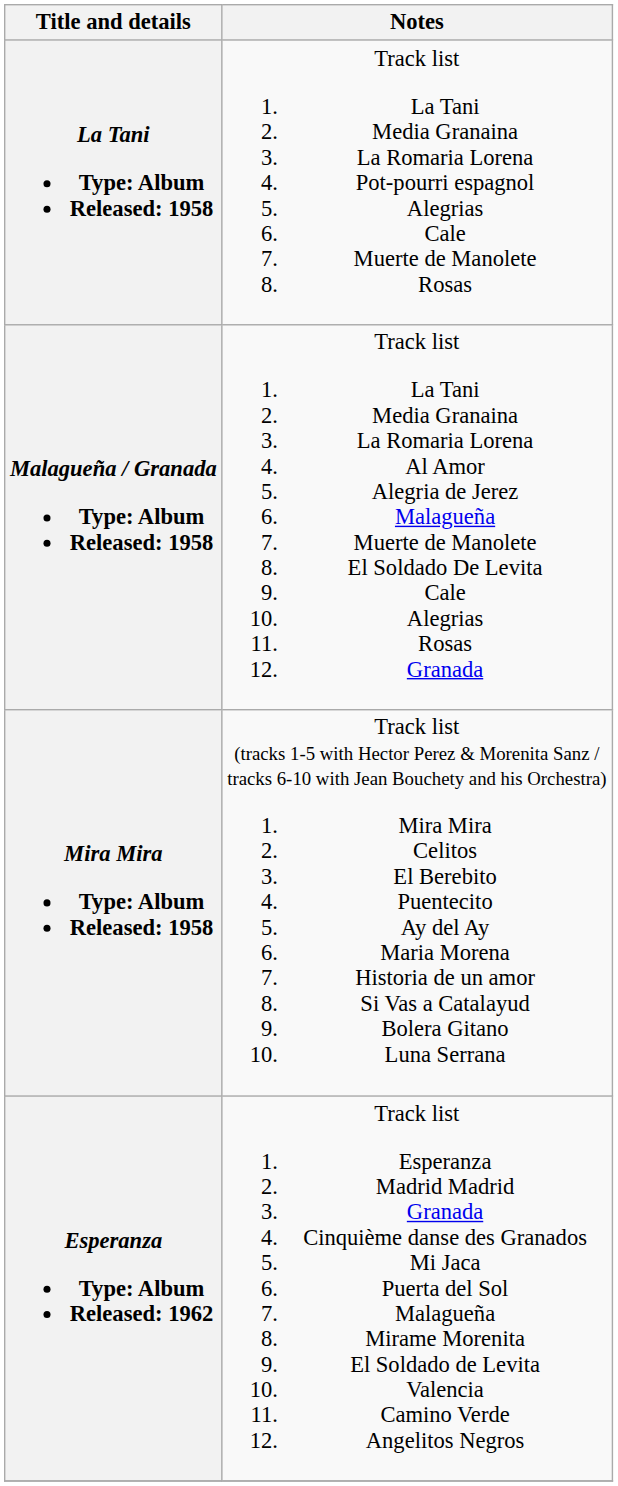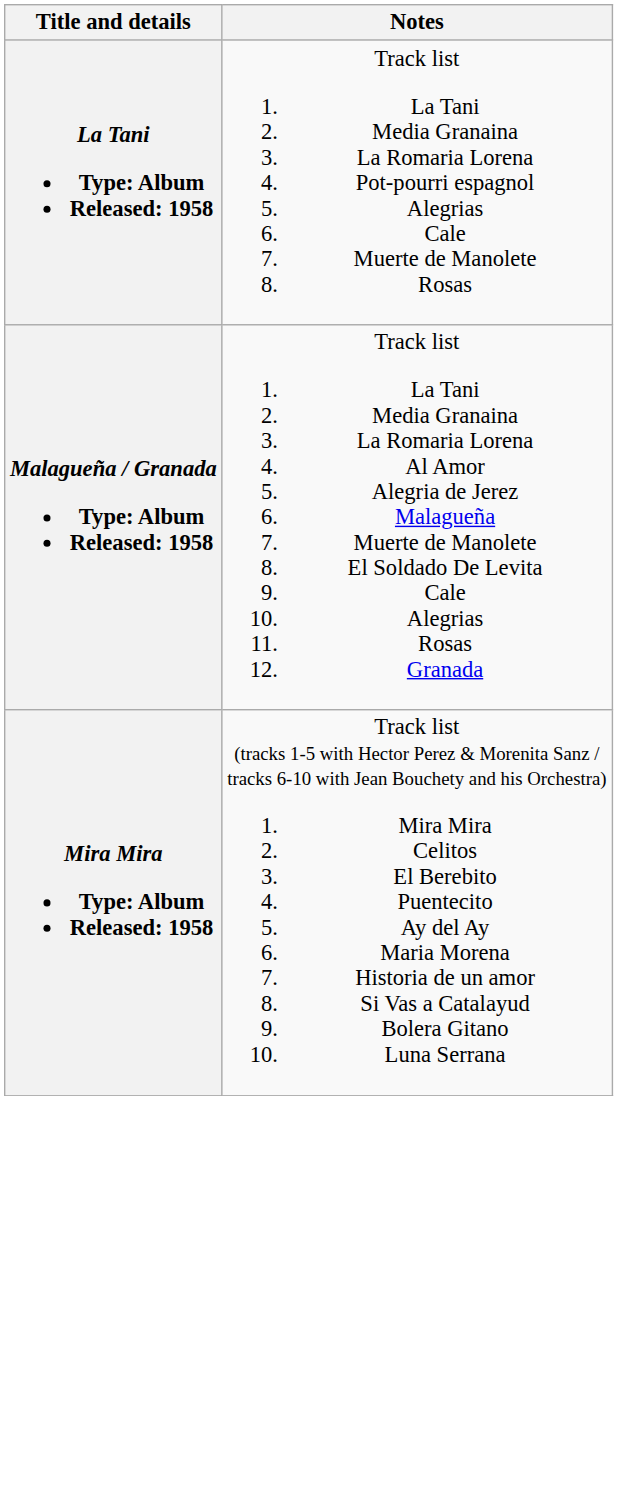 <table class="wikitable plainrowheaders" style="text-align:center;">
 <tr>
 <th scope="col">Title and details</th>
 <th scope="col">Notes</th>
 </tr>
 <tr>
 <th scope="row"><strong><em>La Tani</em></strong><br><ul><li>Type: Album</li><li>Released: 1958</li></ul></th>
 <td>Track list<br><ol><li>La Tani</li><li>Media Granaina</li><li>La Romaria Lorena</li><li>Pot-pourri espagnol</li><li>Alegrias</li><li>Cale</li><li>Muerte de Manolete</li><li>Rosas</li></ol></td>
 </tr>
 <tr>
 <th scope="row"><strong><em>Malagueña / Granada</em></strong><br><ul><li>Type: Album</li><li>Released: 1958</li></ul></th>
 <td>Track list<br><ol><li>La Tani</li><li>Media Granaina</li><li>La Romaria Lorena</li><li>Al Amor</li><li>Alegria de Jerez</li><li><a href='#'>Malagueña</a></li><li>Muerte de Manolete</li><li>El Soldado De Levita</li><li>Cale</li><li>Alegrias</li><li>Rosas</li><li><a href='#'>Granada</a></li></ol></td>
 </tr>
 <tr>
 <th scope="row"><strong><em>Mira Mira</em></strong><br><ul><li>Type: Album</li><li>Released: 1958</li></ul></th>
 <td>Track list<br><small>(tracks 1-5 with Hector Perez & Morenita Sanz / <br>tracks 6-10 with Jean Bouchety and his Orchestra)</small><ol><li>Mira Mira</li><li>Celitos</li><li>El Berebito</li><li>Puentecito</li><li>Ay del Ay</li><li>Maria Morena</li><li>Historia de un amor</li><li>Si Vas a Catalayud</li><li>Bolera Gitano</li><li>Luna Serrana</li></ol></td>
 </tr>
 <tr>
-<th scope="row"><strong><em>Esperanza</em></strong><br><ul><li>Type: Album</li><li>Released: 1962</li></ul></th>
-<td>Track list<br><ol><li>Esperanza</li><li>Madrid Madrid</li><li><a href='#'>Granada</a></li><li>Cinquième danse des Granados</li><li>Mi Jaca</li><li>Puerta del Sol</li><li>Malagueña</li><li>Mirame Morenita</li><li>El Soldado de Levita</li><li>Valencia</li><li>Camino Verde</li><li>Angelitos Negros</li></ol></td>
-</tr>
-<tr>
 </tr>
 </table>
